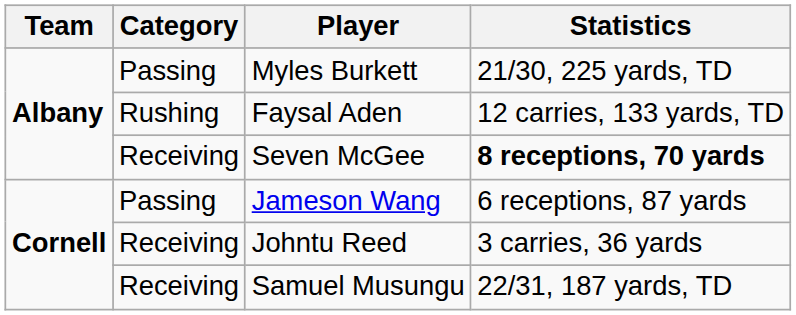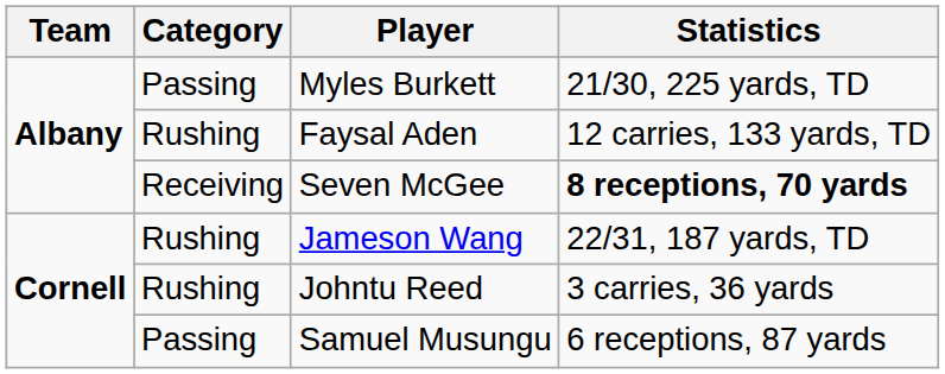 <table class="wikitable" style="float: right;">
 <tr>
 <th>Team</th>
 <th>Category</th>
 <th>Player</th>
 <th>Statistics</th>
 </tr>
 <tr>
 <td rowspan=3><strong>Albany</strong></td>
 <td>Passing</td>
 <td>Myles Burkett</td>
 <td>21/30, 225 yards, TD</td>
 </tr>
 <tr>
 <td>Rushing</td>
 <td>Faysal Aden</td>
 <td>12 carries, 133 yards, TD</td>
 </tr>
 <tr>
 <td>Receiving</td>
 <td>Seven McGee</td>
 <td><strong>8 receptions, 70 yards</strong></td>
 </tr>
 <tr>
 <td rowspan=3><strong>Cornell</strong></td>
-<td>Passing</td>
+<td>Rushing</td>
 <td><a href='#'>Jameson Wang</a></td>
-<td>6 receptions, 87 yards</td>
+<td>22/31, 187 yards, TD</td>
 </tr>
 <tr>
-<td>Receiving</td>
+<td>Rushing</td>
 <td>Johntu Reed</td>
 <td>3 carries, 36 yards</td>
 </tr>
 <tr>
-<td>Receiving</td>
+<td>Passing</td>
 <td>Samuel Musungu</td>
-<td>22/31, 187 yards, TD</td>
+<td>6 receptions, 87 yards</td>
 </tr>
 </table>
